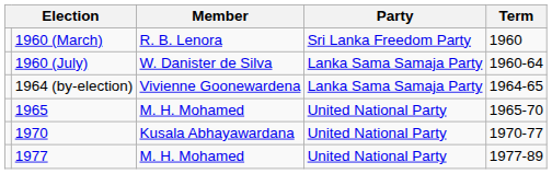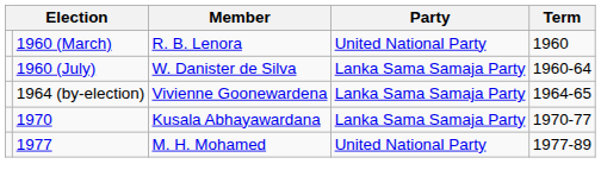 <table class="wikitable">
 <tr>
 <th colspan="2">Election</th>
 <th>Member</th>
 <th>Party</th>
 <th>Term</th>
 </tr>
 <tr>
 <td style="background-color: "></td>
 <td><a href='#'>1960 (March)</a></td>
 <td><a href='#'>R. B. Lenora</a></td>
-<td><a href='#'>Sri Lanka Freedom Party</a></td>
+<td><a href='#'>United National Party</a></td>
 <td>1960</td>
 </tr>
 <tr>
 <td style="background-color: "></td>
 <td><a href='#'>1960 (July)</a></td>
 <td><a href='#'>W. Danister de Silva</a></td>
 <td><a href='#'>Lanka Sama Samaja Party</a></td>
 <td>1960-64</td>
 </tr>
 <tr>
 <td style="background-color: "></td>
 <td>1964 (by-election)</td>
 <td><a href='#'>Vivienne Goonewardena</a></td>
 <td><a href='#'>Lanka Sama Samaja Party</a></td>
 <td>1964-65</td>
 </tr>
 <tr>
 <td style="background-color: "></td>
-<td><a href='#'>1965</a></td>
-<td><a href='#'>M. H. Mohamed</a></td>
-<td><a href='#'>United National Party</a></td>
-<td>1965-70</td>
-</tr>
-<tr>
-<td style="background-color: "></td>
 <td><a href='#'>1970</a></td>
 <td><a href='#'>Kusala Abhayawardana</a></td>
-<td><a href='#'>United National Party</a></td>
+<td><a href='#'>Lanka Sama Samaja Party</a></td>
 <td>1970-77</td>
 </tr>
 <tr>
 <td style="background-color: "></td>
 <td><a href='#'>1977</a></td>
 <td><a href='#'>M. H. Mohamed</a></td>
 <td><a href='#'>United National Party</a></td>
 <td>1977-89</td>
 </tr>
 </table>
